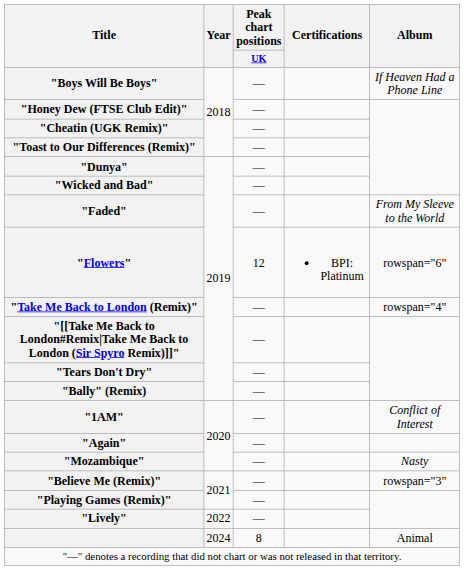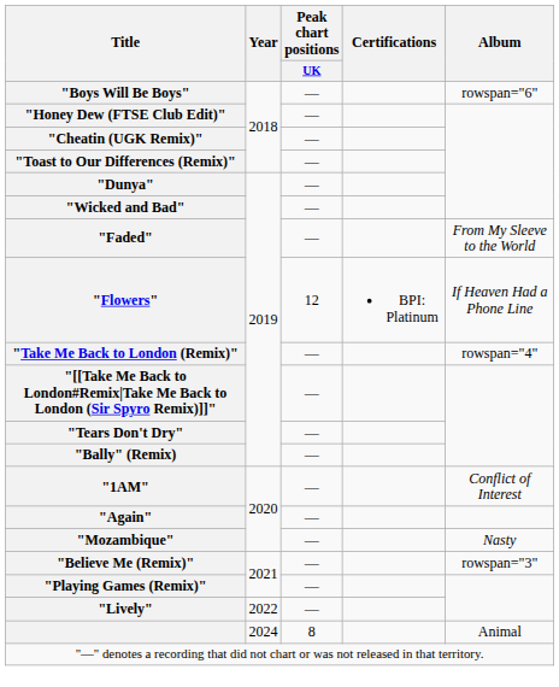 <table class="wikitable plainrowheaders" style="text-align:center;">
 <tr>
 <th scope="col" rowspan="2">Title</th>
 <th scope="col" rowspan="2">Year</th>
 <th scope="col" colspan="1">Peak chart positions</th>
 <th scope="col" rowspan="2">Certifications</th>
 <th scope="col" rowspan="2">Album</th>
 </tr>
 <tr>
 <th scope="col" style="width:3em;font-size:85%;"><a href='#'>UK</a><br></th>
 </tr>
 <tr>
 <th scope="row">"Boys Will Be Boys"<br></th>
 <td rowspan="4">2018</td>
 <td>—</td>
 <td></td>
-<td><em>If Heaven Had a Phone Line</em></td>
+<td>rowspan="6" </td>
 </tr>
 <tr>
 <th scope="row">"Honey Dew (FTSE Club Edit)" <br></th>
 <td>—</td>
 <td></td>
 </tr>
 <tr>
 <th scope="row">"Cheatin (UGK Remix)" <br></th>
 <td>—</td>
 <td></td>
 </tr>
 <tr>
 <th scope="row">"Toast to Our Differences (Remix)" <br></th>
 <td>—</td>
 <td></td>
 </tr>
 <tr>
 <th scope="row">"Dunya"<br></th>
 <td rowspan="8">2019</td>
 <td>—</td>
 <td></td>
 </tr>
 <tr>
 <th scope="row">"Wicked and Bad"<br></th>
 <td>—</td>
 <td></td>
 </tr>
 <tr>
 <th scope="row">"Faded"<br></th>
 <td>—</td>
 <td></td>
 <td><em>From My Sleeve to the World</em></td>
 </tr>
 <tr>
 <th scope="row">"<a href='#'>Flowers</a>"<br></th>
 <td>12</td>
 <td><br><ul><li>BPI: Platinum</li></ul></td>
-<td>rowspan="6" </td>
+<td><em>If Heaven Had a Phone Line</em></td>
 </tr>
 <tr>
 <th scope="row">"<a href='#'>Take Me Back to London</a> (Remix)"<br></th>
 <td>—</td>
 <td></td>
 <td>rowspan="4" </td>
 </tr>
 <tr>
 <th scope="row">"[[Take Me Back to London#Remix|Take Me Back to London (<a href='#'>Sir Spyro</a> Remix)]]"<br></th>
 <td>—</td>
 <td></td>
 </tr>
 <tr>
 <th scope="row">"Tears Don't Dry"<br></th>
 <td>—</td>
 <td></td>
 </tr>
 <tr>
 <th scope="row">"Bally" (Remix)<br></th>
 <td>—</td>
 <td></td>
 </tr>
 <tr>
 <th scope="row">"1AM"<br></th>
 <td rowspan="3">2020</td>
 <td>—</td>
 <td></td>
 <td><em>Conflict of Interest</em></td>
 </tr>
 <tr>
 <th scope="row">"Again"<br></th>
 <td>—</td>
 <td></td>
 <td></td>
 </tr>
 <tr>
 <th scope="row">"Mozambique"<br></th>
 <td>—</td>
 <td></td>
 <td><em>Nasty</em></td>
 </tr>
 <tr>
 <th scope="row">"Believe Me (Remix)"<br></th>
 <td rowspan="2">2021</td>
 <td>—</td>
 <td></td>
 <td>rowspan="3" </td>
 </tr>
 <tr>
 <th scope="row">"Playing Games (Remix)"<br></th>
 <td>—</td>
 <td></td>
 </tr>
 <tr>
 <th scope="row">"Lively"<br></th>
 <td>2022</td>
 <td>—</td>
 <td></td>
 </tr>
 <tr>
 <th></th>
 <td>2024</td>
 <td>8</td>
 <td></td>
 <td>Animal</td>
 </tr>
 <tr>
 <td colspan="6" style="font-size:90%">"—" denotes a recording that did not chart or was not released in that territory.</td>
 </tr>
 </table>
